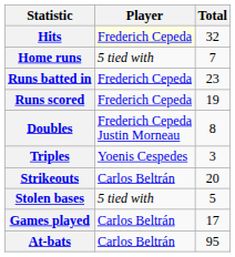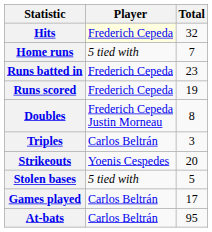 <table class="wikitable plainrowheaders">
 <tr>
 <th scope="col">Statistic</th>
 <th scope="col">Player</th>
 <th scope="col">Total</th>
 </tr>
 <tr>
 <th scope="row"><a href='#'>Hits</a></th>
 <td style="background: lightyellow;"> <a href='#'>Frederich Cepeda</a></td>
 <td align=center>32</td>
 </tr>
 <tr>
 <th scope="row"><a href='#'>Home runs</a></th>
 <td><em>5 tied with</em></td>
 <td align=center>7</td>
 </tr>
 <tr>
 <th scope="row"><a href='#'>Runs batted in</a></th>
 <td> <a href='#'>Frederich Cepeda</a></td>
 <td align=center>23</td>
 </tr>
 <tr>
 <th scope="row"><a href='#'>Runs scored</a></th>
 <td> <a href='#'>Frederich Cepeda</a></td>
 <td align=center>19</td>
 </tr>
 <tr>
 <th scope="row"><a href='#'>Doubles</a></th>
 <td> <a href='#'>Frederich Cepeda</a><br> <a href='#'>Justin Morneau</a></td>
 <td align=center>8</td>
 </tr>
 <tr>
 <th scope="row"><a href='#'>Triples</a></th>
-<td> <a href='#'>Yoenis Cespedes</a></td>
+<td> <a href='#'>Carlos Beltrán</a></td>
 <td align=center>3</td>
 </tr>
 <tr>
 <th scope="row"><a href='#'>Strikeouts</a></th>
-<td> <a href='#'>Carlos Beltrán</a></td>
+<td> <a href='#'>Yoenis Cespedes</a></td>
 <td align=center>20</td>
 </tr>
 <tr>
 <th scope="row"><a href='#'>Stolen bases</a></th>
 <td><em>5 tied with</em></td>
 <td align=center>5</td>
 </tr>
 <tr>
 <th scope="row"><a href='#'>Games played</a></th>
 <td> <a href='#'>Carlos Beltrán</a></td>
 <td align=center>17</td>
 </tr>
 <tr>
 <th scope="row"><a href='#'>At-bats</a></th>
 <td> <a href='#'>Carlos Beltrán</a></td>
 <td align=center>95</td>
 </tr>
 </table>
